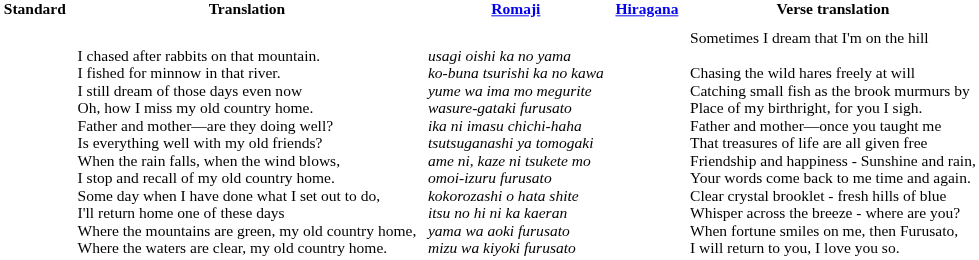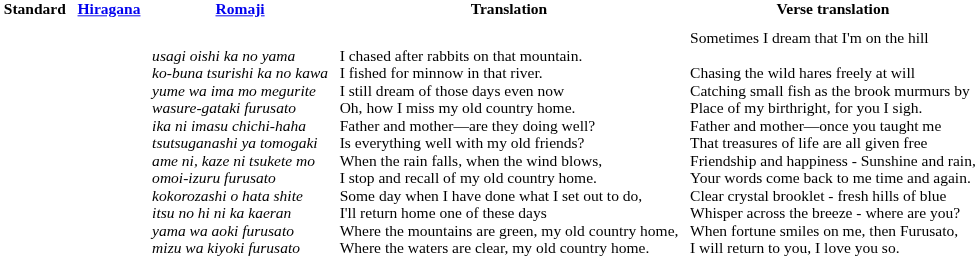 <table cellpadding=5>
 <tr>
 <th>Standard</th>
+<th><a href='#'>Hiragana</a></th>
+<th><a href='#'>Romaji</a></th>
 <th>Translation</th>
-<th><a href='#'>Romaji</a></th>
-<th><a href='#'>Hiragana</a></th>
 <th>Verse translation</th>
 </tr>
 <tr style="vertical-align:top; white-space:nowrap;">
 <td><br></td>
+<td><br></td>
+<td><br><em>usagi oishi ka no yama <br> ko-buna tsurishi ka no kawa <br> yume wa ima mo megurite <br> wasure-gataki furusato</em><br><em>ika ni imasu chichi-haha <br> tsutsuganashi ya tomogaki <br> ame ni, kaze ni tsukete mo <br> omoi-izuru furusato</em><br><em>kokorozashi o hata shite <br> itsu no hi ni ka kaeran <br> yama wa aoki furusato <br> mizu wa kiyoki furusato</em></td>
 <td><br>I chased after rabbits on that mountain. <br>  I fished for minnow in that river. <br>  I still dream of those days even now <br>  Oh, how I miss my old country home.<br>Father and mother―are they doing well?<br>  Is everything well with my old friends?<br>  When the rain falls, when the wind blows, <br>  I stop and recall of my old country home.<br>Some day when I have done what I set out to do,<br>  I'll return home one of these days <br>  Where the mountains are green, my old country home, <br>  Where the waters are clear, my old country home.</td>
-<td><br><em>usagi oishi ka no yama <br> ko-buna tsurishi ka no kawa <br> yume wa ima mo megurite <br> wasure-gataki furusato</em><br><em>ika ni imasu chichi-haha <br> tsutsuganashi ya tomogaki <br> ame ni, kaze ni tsukete mo <br> omoi-izuru furusato</em><br><em>kokorozashi o hata shite <br> itsu no hi ni ka kaeran <br> yama wa aoki furusato <br> mizu wa kiyoki furusato</em></td>
-<td><br></td>
 <td>Sometimes I dream that I'm on the hill<br><br>Chasing the wild hares freely at will<br>  Catching small fish as the brook murmurs by<br>  Place of my birthright, for you I sigh.<br>Father and mother―once you taught me<br>  That treasures of life are all given free<br>  Friendship and happiness - Sunshine and rain, <br>  Your words come back to me time and again.<br>Clear crystal brooklet - fresh hills of blue<br>  Whisper across the breeze - where are you?<br>  When fortune smiles on me, then Furusato,<br>  I will return to you, I love you so.</td>
 </tr>
 </table>
